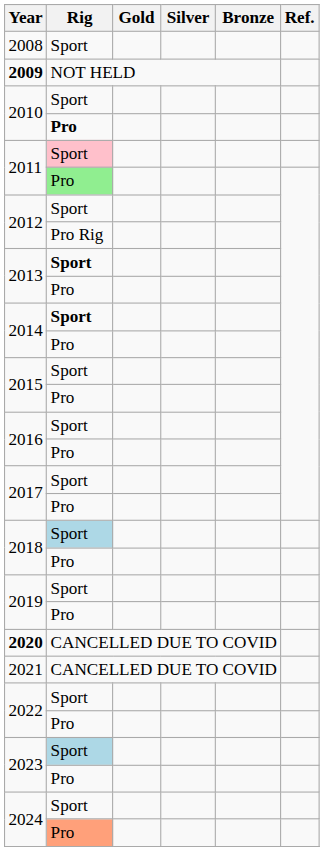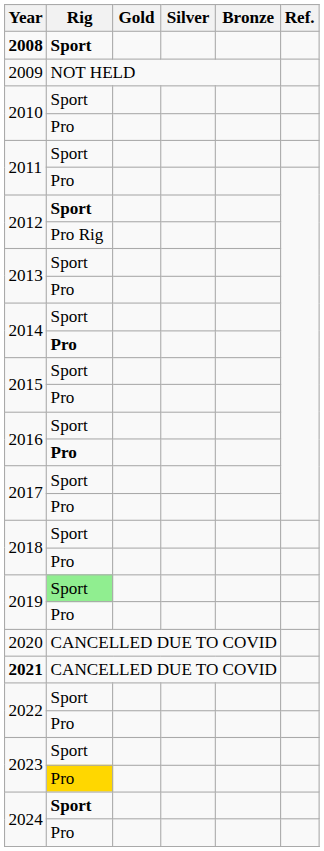 <table class="wikitable sortable">
 <tr>
 <th>Year</th>
 <th>Rig</th>
 <th>Gold</th>
 <th>Silver</th>
 <th>Bronze</th>
 <th>Ref.</th>
 </tr>
 <tr>
-<td>2008</td>
-<td>Sport</td>
+<td><strong>2008</strong></td>
+<td><strong>Sport</strong></td>
 <td></td>
 <td></td>
 <td></td>
 </tr>
 <tr>
-<td><strong>2009</strong></td>
+<td>2009</td>
 <td colspan=4>NOT HELD</td>
 <td></td>
 </tr>
 <tr>
 <td rowspan=2>2010</td>
 <td>Sport</td>
 <td></td>
 <td></td>
 <td></td>
 <td></td>
 </tr>
 <tr>
-<td><strong>Pro</strong></td>
+<td>Pro</td>
 <td></td>
 <td></td>
 <td></td>
 <td></td>
 </tr>
 <tr>
 <td rowspan=2>2011</td>
-<td style="background: pink;">Sport</td>
+<td>Sport</td>
 <td></td>
 <td></td>
 <td></td>
 <td></td>
 </tr>
 <tr>
-<td style="background: lightgreen;">Pro</td>
+<td>Pro</td>
 <td></td>
 <td></td>
 <td></td>
 </tr>
 <tr>
 <td rowspan=2>2012</td>
-<td>Sport</td>
+<td><strong>Sport</strong></td>
 <td></td>
 <td></td>
 <td></td>
 </tr>
 <tr>
 <td>Pro Rig</td>
 <td></td>
 <td></td>
 <td></td>
 </tr>
 <tr>
 <td rowspan=2>2013</td>
-<td><strong>Sport</strong></td>
+<td>Sport</td>
 <td></td>
 <td></td>
 <td></td>
 </tr>
 <tr>
 <td>Pro</td>
 <td></td>
 <td></td>
 <td></td>
 </tr>
 <tr>
 <td rowspan=2>2014</td>
-<td><strong>Sport</strong></td>
+<td>Sport</td>
 <td></td>
 <td></td>
 <td></td>
 </tr>
 <tr>
-<td>Pro</td>
+<td><strong>Pro</strong></td>
 <td></td>
 <td></td>
 <td></td>
 </tr>
 <tr>
 <td rowspan=2>2015</td>
 <td>Sport</td>
 <td></td>
 <td></td>
 <td></td>
 </tr>
 <tr>
 <td>Pro</td>
 <td></td>
 <td></td>
 <td></td>
 </tr>
 <tr>
 <td rowspan=2>2016</td>
 <td>Sport</td>
 <td></td>
 <td></td>
 <td></td>
 </tr>
 <tr>
-<td>Pro</td>
+<td><strong>Pro</strong></td>
 <td></td>
 <td></td>
 <td></td>
 </tr>
 <tr>
 <td rowspan=2>2017</td>
 <td>Sport</td>
 <td></td>
 <td></td>
 <td></td>
 </tr>
 <tr>
 <td>Pro</td>
 <td></td>
 <td></td>
 <td></td>
 </tr>
 <tr>
 <td rowspan=2>2018</td>
-<td style="background: lightblue;">Sport</td>
+<td>Sport</td>
 <td></td>
 <td></td>
 <td></td>
 <td></td>
 </tr>
 <tr>
 <td>Pro</td>
 <td></td>
 <td></td>
 <td></td>
 <td></td>
 </tr>
 <tr>
 <td rowspan=2>2019</td>
-<td>Sport</td>
+<td style="background: lightgreen;">Sport</td>
 <td></td>
 <td></td>
 <td></td>
 <td></td>
 </tr>
 <tr>
 <td>Pro</td>
 <td></td>
 <td></td>
 <td></td>
 <td></td>
 </tr>
 <tr>
-<td><strong>2020</strong></td>
+<td>2020</td>
 <td colspan=4>CANCELLED DUE TO COVID</td>
 <td></td>
 </tr>
 <tr>
-<td>2021</td>
+<td><strong>2021</strong></td>
 <td colspan=4>CANCELLED DUE TO COVID</td>
 <td></td>
 </tr>
 <tr>
 <td rowspan=2>2022</td>
 <td>Sport</td>
 <td></td>
 <td></td>
 <td></td>
 <td></td>
 </tr>
 <tr>
 <td>Pro</td>
 <td></td>
 <td></td>
 <td></td>
 <td></td>
 </tr>
 <tr>
 <td rowspan=2>2023</td>
-<td style="background: lightblue;">Sport</td>
+<td>Sport</td>
+<td></td>
+<td></td>
+<td></td>
+<td></td>
+</tr>
+<tr>
+<td style="background: gold;">Pro</td>
+<td></td>
+<td></td>
+<td></td>
+<td></td>
+</tr>
+<tr>
+<td rowspan=2>2024</td>
+<td><strong>Sport</strong></td>
 <td></td>
 <td></td>
 <td></td>
 <td></td>
 </tr>
 <tr>
 <td>Pro</td>
 <td></td>
 <td></td>
 <td></td>
 <td></td>
 </tr>
 <tr>
-<td rowspan=2>2024</td>
-<td>Sport</td>
-<td></td>
-<td></td>
-<td></td>
-<td></td>
-</tr>
-<tr>
-<td style="background: lightsalmon;">Pro</td>
-<td></td>
-<td></td>
-<td></td>
-<td></td>
-</tr>
-<tr>
 </tr>
 </table>
